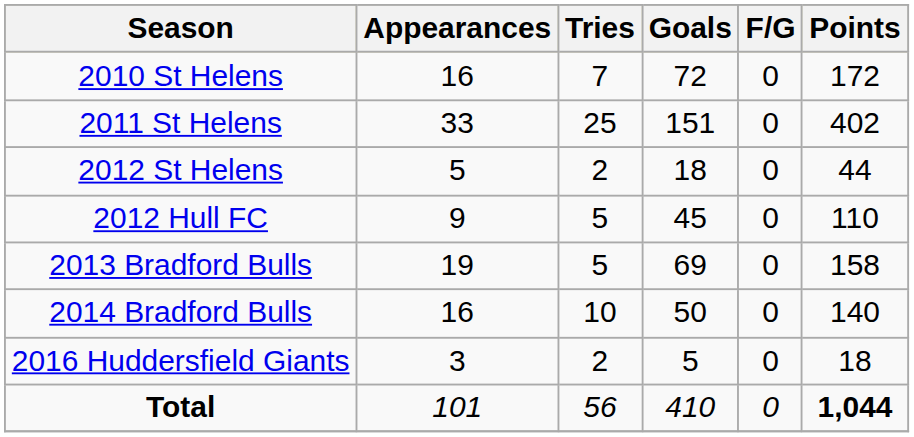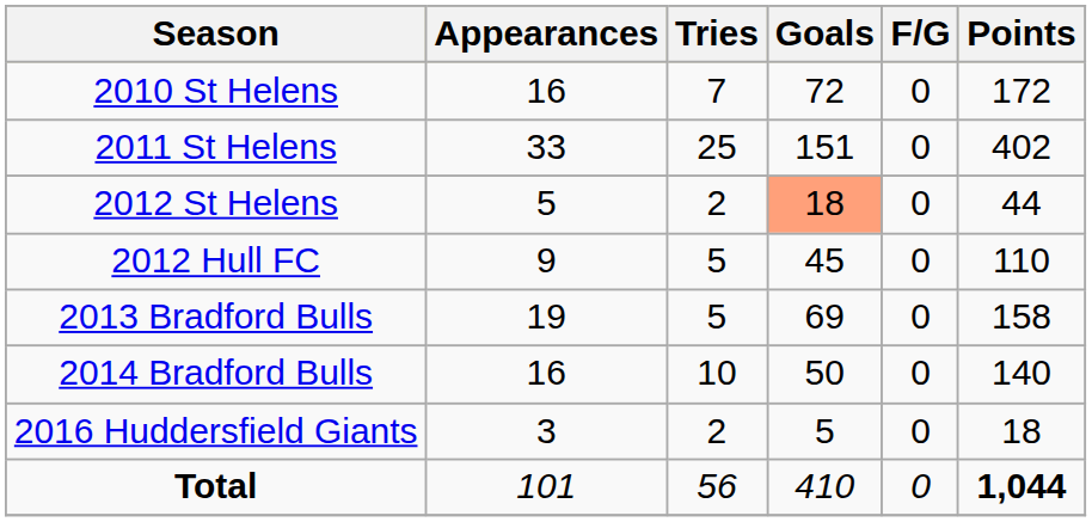 <table class="wikitable" style="text-align:center;">
 <tr bgcolor=#bdb76b>
 <th>Season</th>
 <th>Appearances</th>
 <th>Tries</th>
 <th>Goals</th>
 <th>F/G</th>
 <th>Points</th>
 </tr>
 <tr>
 <td><a href='#'>2010 St Helens</a></td>
 <td>16</td>
 <td>7</td>
 <td>72</td>
 <td>0</td>
 <td>172</td>
 </tr>
 <tr>
 <td><a href='#'>2011 St Helens</a></td>
 <td>33</td>
 <td>25</td>
 <td>151</td>
 <td>0</td>
 <td>402</td>
 </tr>
 <tr>
 <td><a href='#'>2012 St Helens</a></td>
 <td>5</td>
 <td>2</td>
-<td>18</td>
+<td style="background: lightsalmon;">18</td>
 <td>0</td>
 <td>44</td>
 </tr>
 <tr>
 <td><a href='#'>2012 Hull FC</a></td>
 <td>9</td>
 <td>5</td>
 <td>45</td>
 <td>0</td>
 <td>110</td>
 </tr>
 <tr>
 <td><a href='#'>2013 Bradford Bulls</a></td>
 <td>19</td>
 <td>5</td>
 <td>69</td>
 <td>0</td>
 <td>158</td>
 </tr>
 <tr>
 <td><a href='#'>2014 Bradford Bulls</a></td>
 <td>16</td>
 <td>10</td>
 <td>50</td>
 <td>0</td>
 <td>140</td>
 </tr>
 <tr>
 <td><a href='#'>2016 Huddersfield Giants</a></td>
 <td>3</td>
 <td>2</td>
 <td>5</td>
 <td>0</td>
 <td>18</td>
 </tr>
 <tr>
 <td><strong>Total</strong></td>
 <td><em>101</em></td>
 <td><em>56</em></td>
 <td><em>410</em></td>
 <td><em>0</em></td>
 <td><strong>1,044</strong></td>
 </tr>
 <tr>
 </tr>
 </table>
